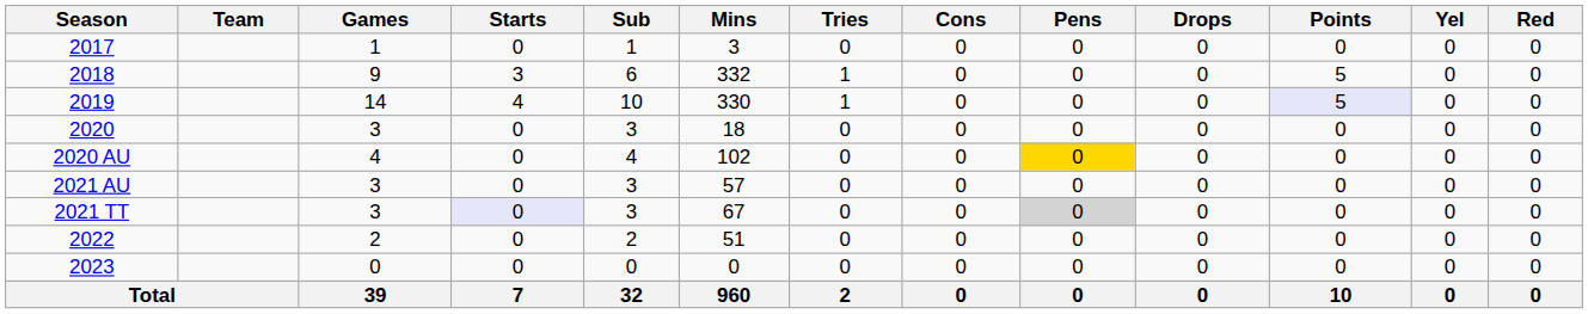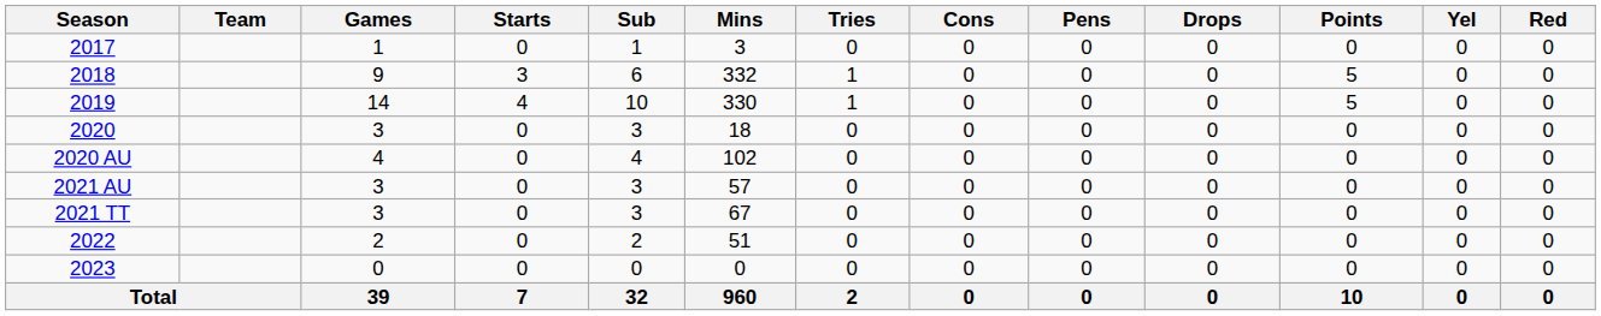 <table class="wikitable" style="text-align:center; line-height:90%; font-size:95%; width:60%;">
 <tr>
 <th>Season</th>
 <th>Team</th>
 <th>Games</th>
 <th>Starts</th>
 <th>Sub</th>
 <th>Mins</th>
 <th>Tries</th>
 <th>Cons</th>
 <th>Pens</th>
 <th>Drops</th>
 <th>Points</th>
 <th>Yel</th>
 <th>Red</th>
 </tr>
 <tr>
 <td><a href='#'>2017</a></td>
 <td></td>
 <td>1</td>
 <td>0</td>
 <td>1</td>
 <td>3</td>
 <td>0</td>
 <td>0</td>
 <td>0</td>
 <td>0</td>
 <td>0</td>
 <td>0</td>
 <td>0</td>
 </tr>
 <tr>
 <td><a href='#'>2018</a></td>
 <td></td>
 <td>9</td>
 <td>3</td>
 <td>6</td>
 <td>332</td>
 <td>1</td>
 <td>0</td>
 <td>0</td>
 <td>0</td>
 <td>5</td>
 <td>0</td>
 <td>0</td>
 </tr>
 <tr>
 <td><a href='#'>2019</a></td>
 <td></td>
 <td>14</td>
 <td>4</td>
 <td>10</td>
 <td>330</td>
 <td>1</td>
 <td>0</td>
 <td>0</td>
 <td>0</td>
-<td style="background: lavender;">5</td>
+<td>5</td>
 <td>0</td>
 <td>0</td>
 </tr>
 <tr>
 <td><a href='#'>2020</a></td>
 <td></td>
 <td>3</td>
 <td>0</td>
 <td>3</td>
 <td>18</td>
 <td>0</td>
 <td>0</td>
 <td>0</td>
 <td>0</td>
 <td>0</td>
 <td>0</td>
 <td>0</td>
 </tr>
 <tr>
 <td><a href='#'>2020 AU</a></td>
 <td></td>
 <td>4</td>
 <td>0</td>
 <td>4</td>
 <td>102</td>
 <td>0</td>
 <td>0</td>
-<td style="background: gold;">0</td>
+<td>0</td>
 <td>0</td>
 <td>0</td>
 <td>0</td>
 <td>0</td>
 </tr>
 <tr>
 <td><a href='#'>2021 AU</a></td>
 <td></td>
 <td>3</td>
 <td>0</td>
 <td>3</td>
 <td>57</td>
 <td>0</td>
 <td>0</td>
 <td>0</td>
 <td>0</td>
 <td>0</td>
 <td>0</td>
 <td>0</td>
 </tr>
 <tr>
 <td><a href='#'>2021 TT</a></td>
 <td></td>
 <td>3</td>
-<td style="background: lavender;">0</td>
+<td>0</td>
 <td>3</td>
 <td>67</td>
 <td>0</td>
 <td>0</td>
-<td style="background: lightgrey;">0</td>
+<td>0</td>
 <td>0</td>
 <td>0</td>
 <td>0</td>
 <td>0</td>
 </tr>
 <tr>
 <td><a href='#'>2022</a></td>
 <td></td>
 <td>2</td>
 <td>0</td>
 <td>2</td>
 <td>51</td>
 <td>0</td>
 <td>0</td>
 <td>0</td>
 <td>0</td>
 <td>0</td>
 <td>0</td>
 <td>0</td>
 </tr>
 <tr>
 <td><a href='#'>2023</a></td>
 <td></td>
 <td>0</td>
 <td>0</td>
 <td>0</td>
 <td>0</td>
 <td>0</td>
 <td>0</td>
 <td>0</td>
 <td>0</td>
 <td>0</td>
 <td>0</td>
 <td>0</td>
 </tr>
 <tr>
 <th colspan="2">Total</th>
 <th>39</th>
 <th>7</th>
 <th>32</th>
 <th>960</th>
 <th>2</th>
 <th>0</th>
 <th>0</th>
 <th>0</th>
 <th>10</th>
 <th>0</th>
 <th>0</th>
 </tr>
 </table>
